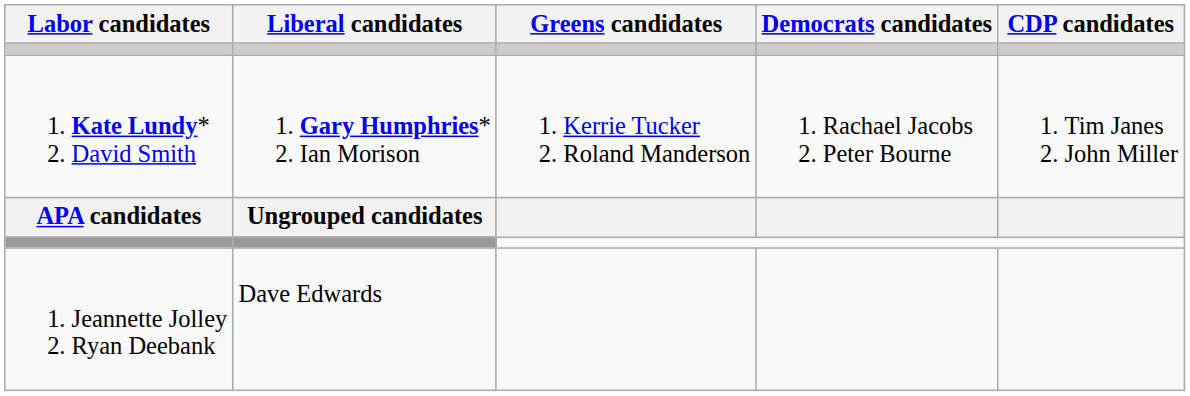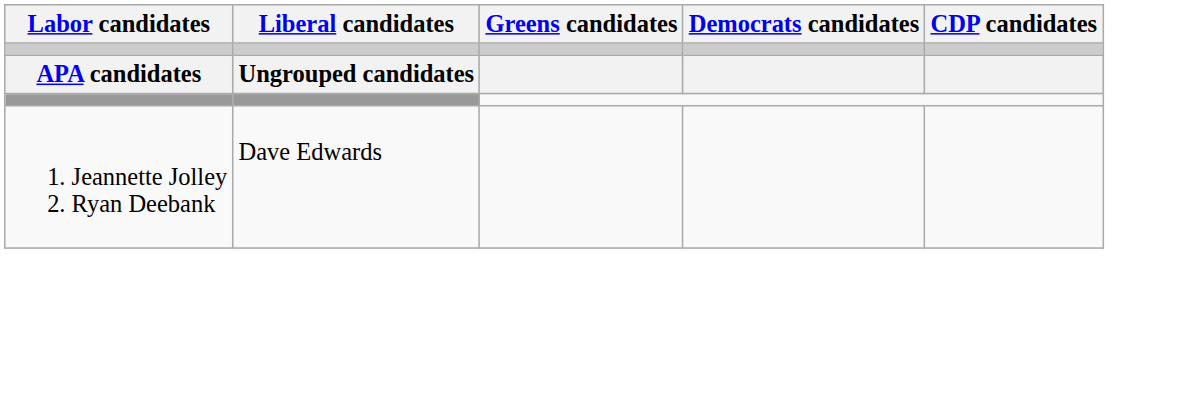 <table class="wikitable">
 <tr>
 <th><a href='#'>Labor</a> candidates</th>
 <th><a href='#'>Liberal</a> candidates</th>
 <th><a href='#'>Greens</a> candidates</th>
 <th><a href='#'>Democrats</a> candidates</th>
 <th><a href='#'>CDP</a> candidates</th>
 </tr>
 <tr style="background:#ccc;">
 <td></td>
 <td></td>
 <td></td>
 <td></td>
 <td></td>
-</tr>
-<tr>
-<td><br><ol><li><strong><a href='#'>Kate Lundy</a></strong>*</li><li><a href='#'>David Smith</a></li></ol></td>
-<td><br><ol><li><strong><a href='#'>Gary Humphries</a></strong>*</li><li>Ian Morison</li></ol></td>
-<td valign=top><br><ol><li><a href='#'>Kerrie Tucker</a></li><li>Roland Manderson</li></ol></td>
-<td valign=top><br><ol><li>Rachael Jacobs</li><li>Peter Bourne</li></ol></td>
-<td valign=top><br><ol><li>Tim Janes</li><li>John Miller</li></ol></td>
 </tr>
 <tr style="background:#ccc;">
 <th><a href='#'>APA</a> candidates</th>
 <th>Ungrouped candidates</th>
 <th></th>
 <th></th>
 <th></th>
 </tr>
 <tr style="background:#ccc; background:#999;">
 <td></td>
 <td style="background:#999;"></td>
 </tr>
 <tr>
 <td valign=top><br><ol><li>Jeannette Jolley</li><li>Ryan Deebank</li></ol></td>
 <td valign=top><br>Dave Edwards</td>
 <td valign=top></td>
 <td valign=top></td>
 <td valign=top></td>
 </tr>
 </table>
